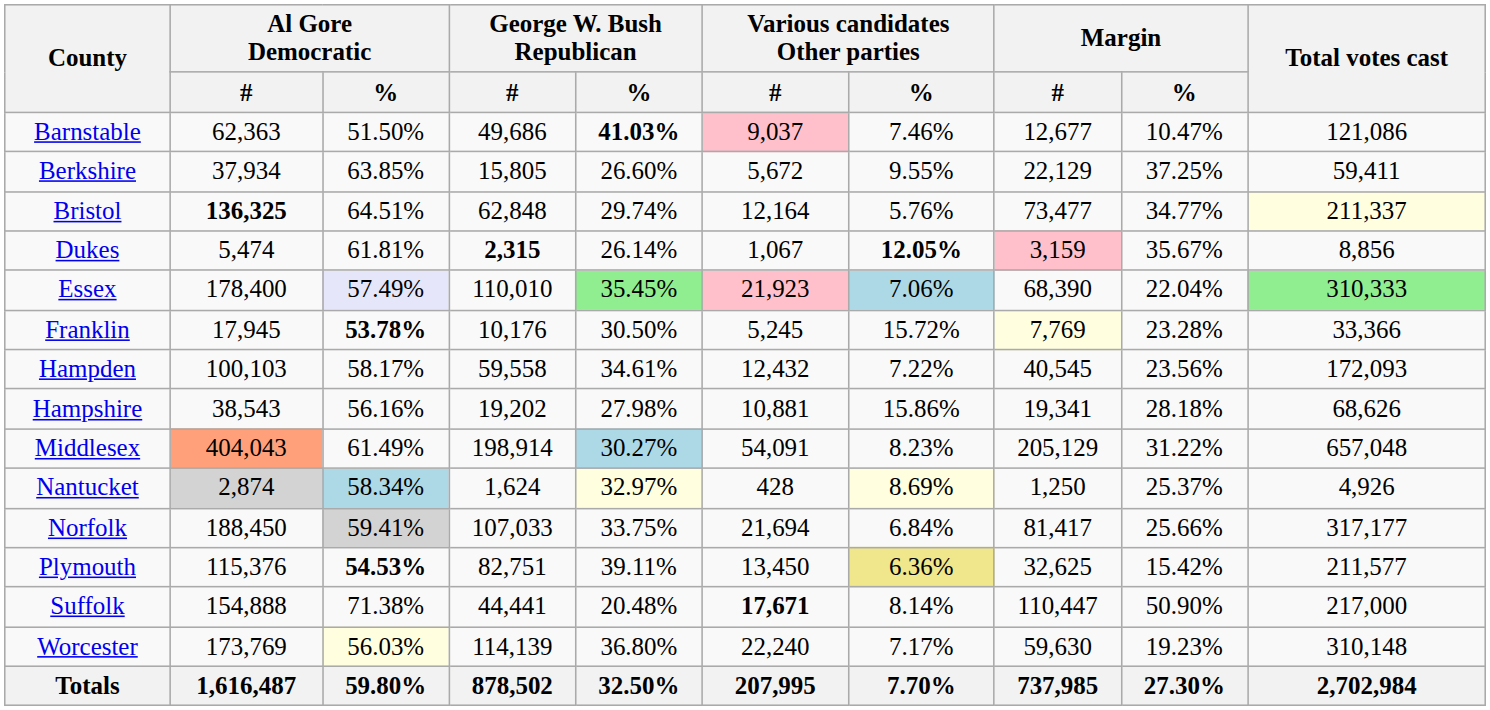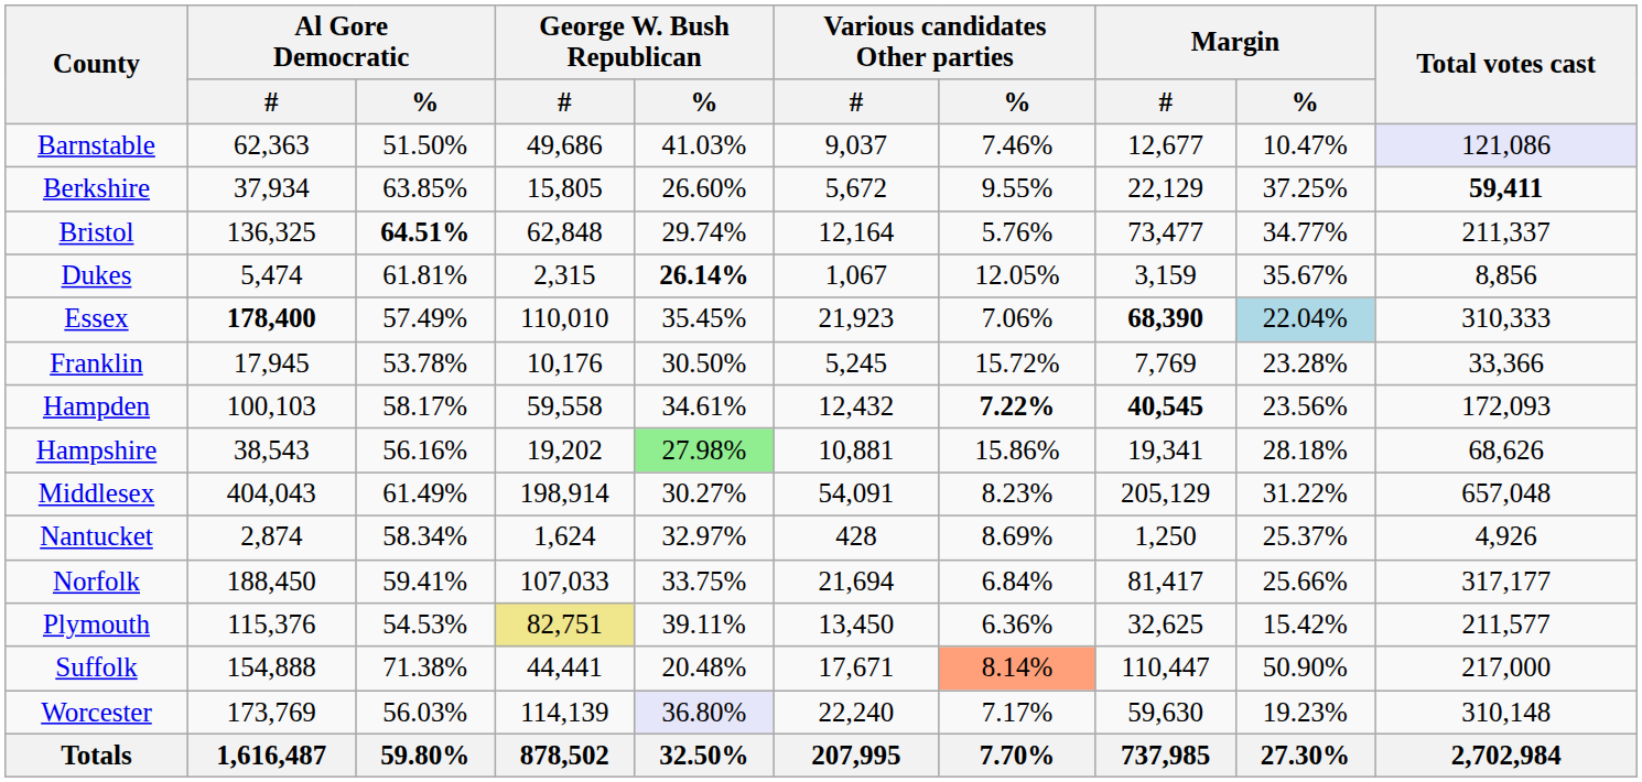 <table width="60%"  class="wikitable sortable" style="text-align:center">
 <tr>
 <th style="text-align:center;" rowspan="2">County</th>
 <th style="text-align:center;" colspan="2">Al Gore<br>Democratic</th>
 <th style="text-align:center;" colspan="2">George W. Bush<br>Republican</th>
 <th style="text-align:center;" colspan="2">Various candidates<br>Other parties</th>
 <th style="text-align:center;" colspan="2">Margin</th>
 <th style="text-align:center;" rowspan="2">Total votes cast</th>
 </tr>
 <tr>
 <th style="text-align:center;" data-sort-type="number">#</th>
 <th style="text-align:center;" data-sort-type="number">%</th>
 <th style="text-align:center;" data-sort-type="number">#</th>
 <th style="text-align:center;" data-sort-type="number">%</th>
 <th style="text-align:center;" data-sort-type="number">#</th>
 <th style="text-align:center;" data-sort-type="number">%</th>
 <th style="text-align:center;" data-sort-type="number">#</th>
 <th style="text-align:center;" data-sort-type="number">%</th>
 </tr>
 <tr style="text-align:center;">
 <td><a href='#'>Barnstable</a></td>
 <td>62,363</td>
 <td>51.50%</td>
 <td>49,686</td>
-<td><strong>41.03%</strong></td>
-<td style="background: pink;">9,037</td>
+<td>41.03%</td>
+<td>9,037</td>
 <td>7.46%</td>
 <td>12,677</td>
 <td>10.47%</td>
-<td>121,086</td>
+<td style="background: lavender;">121,086</td>
 </tr>
 <tr style="text-align:center;">
 <td><a href='#'>Berkshire</a></td>
 <td>37,934</td>
 <td>63.85%</td>
 <td>15,805</td>
 <td>26.60%</td>
 <td>5,672</td>
 <td>9.55%</td>
 <td>22,129</td>
 <td>37.25%</td>
-<td>59,411</td>
+<td><strong>59,411</strong></td>
 </tr>
 <tr style="text-align:center;">
 <td><a href='#'>Bristol</a></td>
-<td><strong>136,325</strong></td>
-<td>64.51%</td>
+<td>136,325</td>
+<td><strong>64.51%</strong></td>
 <td>62,848</td>
 <td>29.74%</td>
 <td>12,164</td>
 <td>5.76%</td>
 <td>73,477</td>
 <td>34.77%</td>
-<td style="background: lightyellow;">211,337</td>
+<td>211,337</td>
 </tr>
 <tr style="text-align:center;">
 <td><a href='#'>Dukes</a></td>
 <td>5,474</td>
 <td>61.81%</td>
-<td><strong>2,315</strong></td>
-<td>26.14%</td>
+<td>2,315</td>
+<td><strong>26.14%</strong></td>
 <td>1,067</td>
-<td><strong>12.05%</strong></td>
-<td style="background: pink;">3,159</td>
+<td>12.05%</td>
+<td>3,159</td>
 <td>35.67%</td>
 <td>8,856</td>
 </tr>
 <tr style="text-align:center;">
 <td><a href='#'>Essex</a></td>
-<td>178,400</td>
-<td style="background: lavender;">57.49%</td>
+<td><strong>178,400</strong></td>
+<td>57.49%</td>
 <td>110,010</td>
-<td style="background: lightgreen;">35.45%</td>
-<td style="background: pink;">21,923</td>
-<td style="background: lightblue;">7.06%</td>
-<td>68,390</td>
-<td>22.04%</td>
-<td style="background: lightgreen;">310,333</td>
+<td>35.45%</td>
+<td>21,923</td>
+<td>7.06%</td>
+<td><strong>68,390</strong></td>
+<td style="background: lightblue;">22.04%</td>
+<td>310,333</td>
 </tr>
 <tr style="text-align:center;">
 <td><a href='#'>Franklin</a></td>
 <td>17,945</td>
-<td><strong>53.78%</strong></td>
+<td>53.78%</td>
 <td>10,176</td>
 <td>30.50%</td>
 <td>5,245</td>
 <td>15.72%</td>
-<td style="background: lightyellow;">7,769</td>
+<td>7,769</td>
 <td>23.28%</td>
 <td>33,366</td>
 </tr>
 <tr style="text-align:center;">
 <td><a href='#'>Hampden</a></td>
 <td>100,103</td>
 <td>58.17%</td>
 <td>59,558</td>
 <td>34.61%</td>
 <td>12,432</td>
-<td>7.22%</td>
-<td>40,545</td>
+<td><strong>7.22%</strong></td>
+<td><strong>40,545</strong></td>
 <td>23.56%</td>
 <td>172,093</td>
 </tr>
 <tr style="text-align:center;">
 <td><a href='#'>Hampshire</a></td>
 <td>38,543</td>
 <td>56.16%</td>
 <td>19,202</td>
-<td>27.98%</td>
+<td style="background: lightgreen;">27.98%</td>
 <td>10,881</td>
 <td>15.86%</td>
 <td>19,341</td>
 <td>28.18%</td>
 <td>68,626</td>
 </tr>
 <tr style="text-align:center;">
 <td><a href='#'>Middlesex</a></td>
-<td style="background: lightsalmon;">404,043</td>
+<td>404,043</td>
 <td>61.49%</td>
 <td>198,914</td>
-<td style="background: lightblue;">30.27%</td>
+<td>30.27%</td>
 <td>54,091</td>
 <td>8.23%</td>
 <td>205,129</td>
 <td>31.22%</td>
 <td>657,048</td>
 </tr>
 <tr style="text-align:center;">
 <td><a href='#'>Nantucket</a></td>
-<td style="background: lightgrey;">2,874</td>
-<td style="background: lightblue;">58.34%</td>
+<td>2,874</td>
+<td>58.34%</td>
 <td>1,624</td>
-<td style="background: lightyellow;">32.97%</td>
+<td>32.97%</td>
 <td>428</td>
-<td style="background: lightyellow;">8.69%</td>
+<td>8.69%</td>
 <td>1,250</td>
 <td>25.37%</td>
 <td>4,926</td>
 </tr>
 <tr style="text-align:center;">
 <td><a href='#'>Norfolk</a></td>
 <td>188,450</td>
-<td style="background: lightgrey;">59.41%</td>
+<td>59.41%</td>
 <td>107,033</td>
 <td>33.75%</td>
 <td>21,694</td>
 <td>6.84%</td>
 <td>81,417</td>
 <td>25.66%</td>
 <td>317,177</td>
 </tr>
 <tr style="text-align:center;">
 <td><a href='#'>Plymouth</a></td>
 <td>115,376</td>
-<td><strong>54.53%</strong></td>
-<td>82,751</td>
+<td>54.53%</td>
+<td style="background: khaki;">82,751</td>
 <td>39.11%</td>
 <td>13,450</td>
-<td style="background: khaki;">6.36%</td>
+<td>6.36%</td>
 <td>32,625</td>
 <td>15.42%</td>
 <td>211,577</td>
 </tr>
 <tr style="text-align:center;">
 <td><a href='#'>Suffolk</a></td>
 <td>154,888</td>
 <td>71.38%</td>
 <td>44,441</td>
 <td>20.48%</td>
-<td><strong>17,671</strong></td>
-<td>8.14%</td>
+<td>17,671</td>
+<td style="background: lightsalmon;">8.14%</td>
 <td>110,447</td>
 <td>50.90%</td>
 <td>217,000</td>
 </tr>
 <tr style="text-align:center;">
 <td><a href='#'>Worcester</a></td>
 <td>173,769</td>
-<td style="background: lightyellow;">56.03%</td>
+<td>56.03%</td>
 <td>114,139</td>
-<td>36.80%</td>
+<td style="background: lavender;">36.80%</td>
 <td>22,240</td>
 <td>7.17%</td>
 <td>59,630</td>
 <td>19.23%</td>
 <td>310,148</td>
 </tr>
 <tr>
 <th>Totals</th>
 <th>1,616,487</th>
 <th>59.80%</th>
 <th>878,502</th>
 <th>32.50%</th>
 <th>207,995</th>
 <th>7.70%</th>
 <th>737,985</th>
 <th>27.30%</th>
 <th>2,702,984</th>
 </tr>
 </table>
